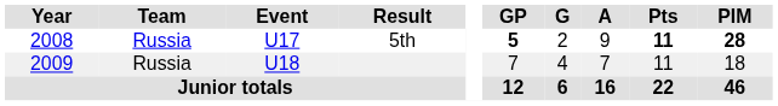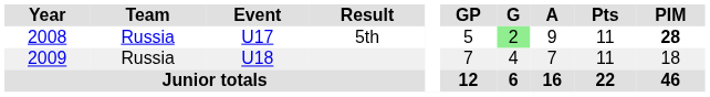 <table border="0" cellpadding="1" cellspacing="0" style="text-align:center; width:40em">
 <tr ALIGN="center" bgcolor="#e0e0e0">
 <th>Year</th>
 <th>Team</th>
 <th>Event</th>
 <th>Result</th>
 <th rowspan="99" bgcolor="#ffffff"> </th>
 <th>GP</th>
 <th>G</th>
 <th>A</th>
 <th>Pts</th>
 <th>PIM</th>
 </tr>
 <tr ALIGN="center">
 <td><a href='#'>2008</a></td>
 <td><a href='#'>Russia</a></td>
 <td><a href='#'>U17</a></td>
 <td>5th</td>
-<td><strong>5</strong></td>
-<td>2</td>
+<td>5</td>
+<td style="background: lightgreen;">2</td>
 <td>9</td>
-<td><strong>11</strong></td>
+<td>11</td>
 <td><strong>28</strong></td>
 </tr>
 <tr ALIGN="center" bgcolor="#f0f0f0">
 <td><a href='#'>2009</a></td>
 <td>Russia</td>
 <td><a href='#'>U18</a></td>
 <td></td>
 <td>7</td>
 <td>4</td>
 <td>7</td>
 <td>11</td>
 <td>18</td>
 </tr>
 <tr bgcolor="#e0e0e0">
 <th colspan=4>Junior totals</th>
 <th>12</th>
 <th>6</th>
 <th>16</th>
 <th>22</th>
 <th>46</th>
 </tr>
 </table>
